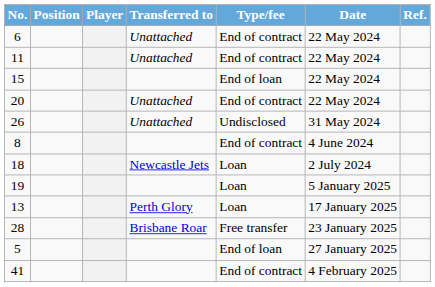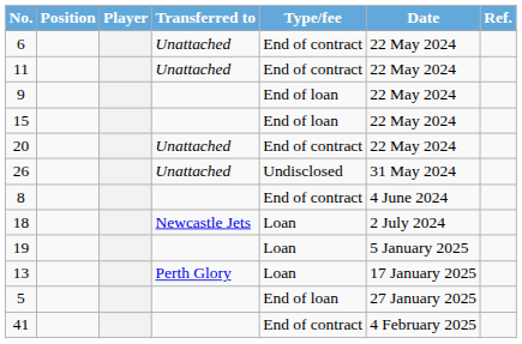 <table class="wikitable plainrowheaders sortable" style="text-align:center; text-align:left">
 <tr>
 <th scope="col" style="background:#62a8da;color:white">No.</th>
 <th scope="col" style="background:#62a8da;color:white">Position</th>
 <th scope="col" style="background:#62a8da;color:white">Player</th>
 <th scope="col" style="background:#62a8da;color:white">Transferred to</th>
 <th scope="col" style="background:#62a8da;color:white">Type/fee</th>
 <th scope="col" style="background:#62a8da;color:white">Date</th>
 <th scope="col" class="unsortable" style="background:#62a8da;color:white">Ref.</th>
 </tr>
 <tr>
 <td style="text-align:center;">6</td>
 <td style="text-align:center;"></td>
 <th scope="row"></th>
 <td><em>Unattached</em></td>
 <td>End of contract</td>
 <td>22 May 2024</td>
 <td></td>
 </tr>
 <tr>
 <td style="text-align:center;">11</td>
 <td style="text-align:center;"></td>
 <th scope="row"></th>
 <td><em>Unattached</em></td>
 <td>End of contract</td>
+<td>22 May 2024</td>
+<td></td>
+</tr>
+<tr>
+<td style="text-align:center;">9</td>
+<td style="text-align:center;"></td>
+<th scope="row"></th>
+<td></td>
+<td>End of loan</td>
 <td>22 May 2024</td>
 <td></td>
 </tr>
 <tr>
 <td style="text-align:center;">15</td>
 <td style="text-align:center;"></td>
 <th scope="row"></th>
 <td></td>
 <td>End of loan</td>
 <td>22 May 2024</td>
 <td></td>
 </tr>
 <tr>
 <td style="text-align:center;">20</td>
 <td style="text-align:center;"></td>
 <th scope="row"></th>
 <td><em>Unattached</em></td>
 <td>End of contract</td>
 <td>22 May 2024</td>
 <td></td>
 </tr>
 <tr>
 <td style="text-align:center;">26</td>
 <td style="text-align:center;"></td>
 <th scope="row"></th>
 <td><em>Unattached</em></td>
 <td>Undisclosed</td>
 <td>31 May 2024</td>
 <td></td>
 </tr>
 <tr>
 <td style="text-align:center;">8</td>
 <td style="text-align:center;"></td>
 <th scope="row"></th>
 <td></td>
 <td>End of contract</td>
 <td>4 June 2024</td>
 <td></td>
 </tr>
 <tr>
 <td style="text-align:center;">18</td>
 <td style="text-align:center;"></td>
 <th scope="row"></th>
 <td><a href='#'>Newcastle Jets</a></td>
 <td>Loan</td>
 <td>2 July 2024</td>
 <td></td>
 </tr>
 <tr>
 <td style="text-align:center;">19</td>
 <td style="text-align:center;"></td>
 <th scope="row"></th>
 <td></td>
 <td>Loan</td>
 <td>5 January 2025</td>
 <td></td>
 </tr>
 <tr>
 <td style="text-align:center;">13</td>
 <td style="text-align:center;"></td>
 <th scope="row"></th>
 <td><a href='#'>Perth Glory</a></td>
 <td>Loan</td>
 <td>17 January 2025</td>
 <td></td>
 </tr>
 <tr>
-<td style="text-align:center;">28</td>
-<td style="text-align:center;"></td>
-<th scope="row"></th>
-<td><a href='#'>Brisbane Roar</a></td>
-<td>Free transfer</td>
-<td>23 January 2025</td>
-<td></td>
-</tr>
-<tr>
 <td style="text-align:center;">5</td>
 <td style="text-align:center;"></td>
 <th scope="row"></th>
 <td></td>
 <td>End of loan</td>
 <td>27 January 2025</td>
 <td></td>
 </tr>
 <tr>
 <td style="text-align:center;">41</td>
 <td style="text-align:center;"></td>
 <th scope="row"></th>
 <td></td>
 <td>End of contract</td>
 <td>4 February 2025</td>
 <td></td>
 </tr>
 </table>
